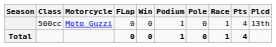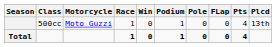 <table class="wikitable">
 <tr>
 <th>Season</th>
 <th>Class</th>
 <th>Motorcycle</th>
-<th>FLap</th>
+<th>Race</th>
 <th>Win</th>
 <th>Podium</th>
 <th>Pole</th>
-<th>Race</th>
+<th>FLap</th>
 <th>Pts</th>
 <th>Plcd</th>
 </tr>
 <tr align="right">
 <th></th>
 <td>500cc</td>
 <td><a href='#'>Moto Guzzi</a></td>
-<td>0</td>
+<td>1</td>
 <td>0</td>
 <td>1</td>
 <td>0</td>
-<td>1</td>
+<td>0</td>
 <td>4</td>
 <td>13th</td>
 </tr>
 <tr align="right">
 <th>Total</th>
 <td></td>
 <td></td>
-<td><strong>0</strong></td>
+<td><strong>1</strong></td>
 <td><strong>0</strong></td>
 <td><strong>1</strong></td>
 <td><strong>0</strong></td>
-<td><strong>1</strong></td>
+<td><strong>0</strong></td>
 <td><strong>4</strong></td>
 <td></td>
 </tr>
 </table>
